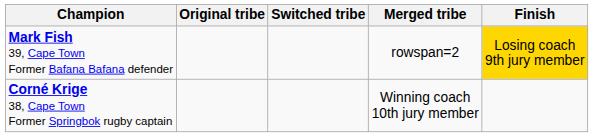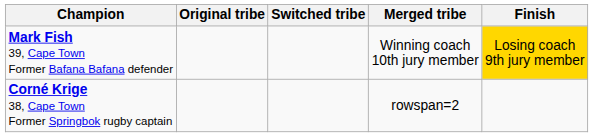 <table class="wikitable" style="margin:auto; text-align:center">
 <tr>
 <th>Champion</th>
 <th>Original tribe</th>
 <th>Switched tribe</th>
 <th>Merged tribe</th>
 <th>Finish</th>
 </tr>
 <tr>
 <td align=left><strong><a href='#'>Mark Fish</a></strong><br><small>39, <a href='#'>Cape Town</a><br>Former <a href='#'>Bafana Bafana</a> defender<em></small></td>
 <td></td>
 <td></td>
-<td>rowspan=2 </td>
+<td>Winning coach<br>10th jury member</td>
 <td style="background: gold;">Losing coach<br>9th jury member</td>
 </tr>
 <tr>
 <td align=left><strong><a href='#'>Corné Krige</a></strong><br><small>38, <a href='#'>Cape Town</a><br>Former <a href='#'>Springbok</a> rugby captain</small></td>
 <td></td>
 <td></td>
-<td>Winning coach<br>10th jury member</td>
+<td>rowspan=2 </td>
 </tr>
 </table>
